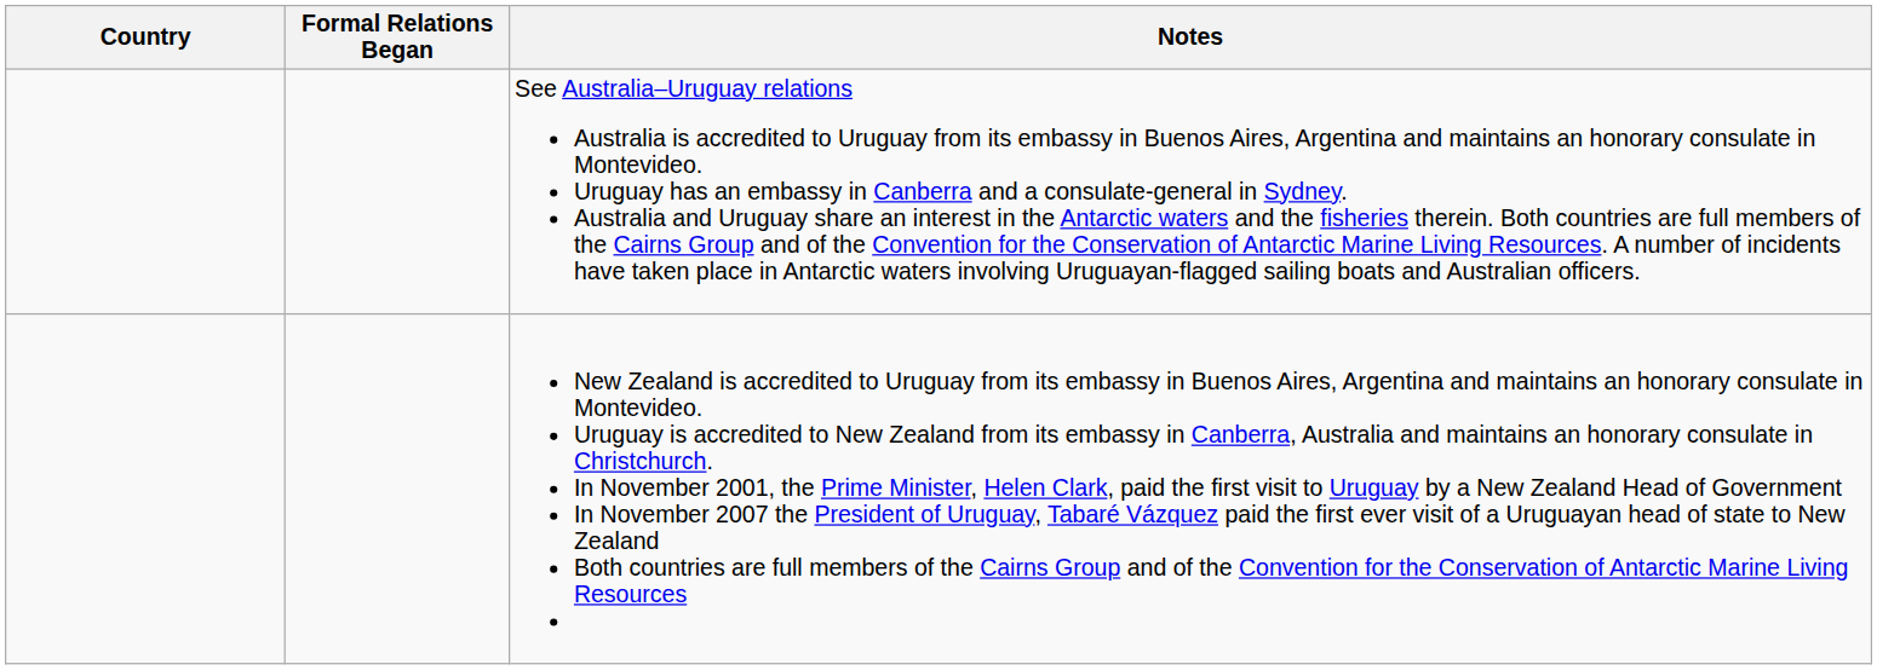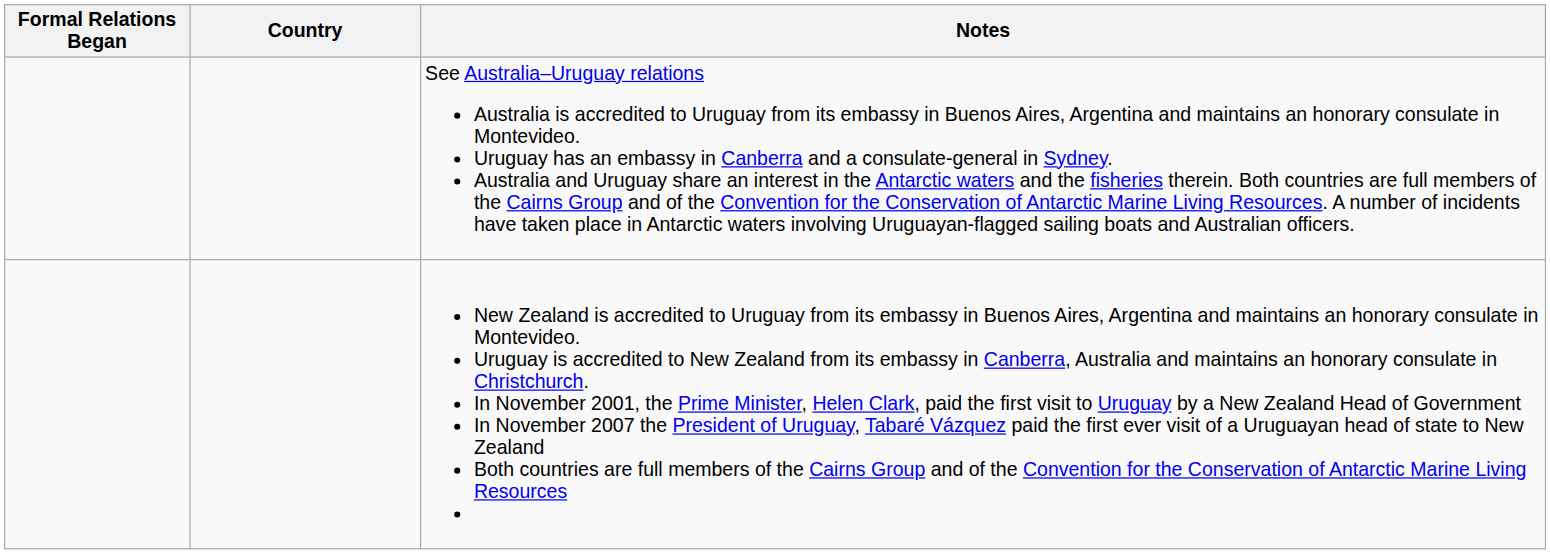 <table class="wikitable sortable" border="1" style="width:100%; margin:auto;">
 <tr>
+<th width="12%">Formal Relations Began</th>
 <th width="15%">Country</th>
-<th width="12%">Formal Relations Began</th>
 <th>Notes</th>
 </tr>
 <tr -valign="top">
 <td></td>
 <td></td>
 <td>See <a href='#'>Australia–Uruguay relations</a><br><ul><li>Australia is accredited to Uruguay from its embassy in Buenos Aires, Argentina and maintains an honorary consulate in Montevideo.</li><li>Uruguay has an embassy in <a href='#'>Canberra</a> and a consulate-general in <a href='#'>Sydney</a>.</li><li>Australia and Uruguay share an interest in the <a href='#'>Antarctic waters</a> and the <a href='#'>fisheries</a> therein. Both countries are full members of the <a href='#'>Cairns Group</a> and of the <a href='#'>Convention for the Conservation of Antarctic Marine Living Resources</a>. A number of incidents have taken place in Antarctic waters involving Uruguayan-flagged sailing boats and Australian officers.</li></ul></td>
 </tr>
 <tr -valign="top">
 <td></td>
 <td></td>
 <td><br><ul><li>New Zealand is accredited to Uruguay from its embassy in Buenos Aires, Argentina and maintains an honorary consulate in Montevideo.</li><li>Uruguay is accredited to New Zealand from its embassy in <a href='#'>Canberra</a>, Australia and maintains an honorary consulate in <a href='#'>Christchurch</a>.</li><li>In November 2001, the <a href='#'>Prime Minister</a>, <a href='#'>Helen Clark</a>, paid the first visit to <a href='#'>Uruguay</a> by a New Zealand Head of Government</li><li>In November 2007 the <a href='#'>President of Uruguay</a>, <a href='#'>Tabaré Vázquez</a> paid the first ever visit of a Uruguayan head of state to New Zealand</li><li>Both countries are full members of the <a href='#'>Cairns Group</a> and of the <a href='#'>Convention for the Conservation of Antarctic Marine Living Resources</a></li><li> </li></ul></td>
 </tr>
 </table>
